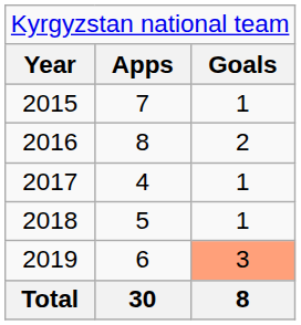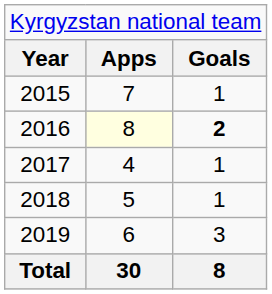 <table class="wikitable" style="text-align:center">
 <tr>
 <td colspan="3"><a href='#'>Kyrgyzstan national team</a></td>
 </tr>
 <tr>
 <th>Year</th>
 <th>Apps</th>
 <th>Goals</th>
 </tr>
 <tr>
 <td>2015</td>
 <td>7</td>
 <td>1</td>
 </tr>
 <tr>
 <td>2016</td>
-<td>8</td>
-<td>2</td>
+<td style="background: lightyellow;">8</td>
+<td><strong>2</strong></td>
 </tr>
 <tr>
 <td>2017</td>
 <td>4</td>
 <td>1</td>
 </tr>
 <tr>
 <td>2018</td>
 <td>5</td>
 <td>1</td>
 </tr>
 <tr>
 <td>2019</td>
 <td>6</td>
-<td style="background: lightsalmon;">3</td>
+<td>3</td>
 </tr>
 <tr>
 <th>Total</th>
 <th>30</th>
 <th>8</th>
 </tr>
 </table>
